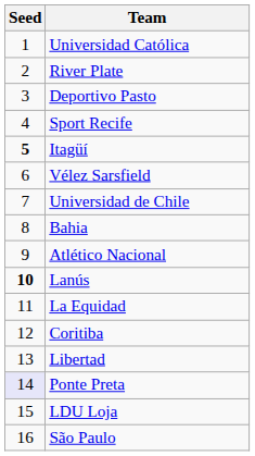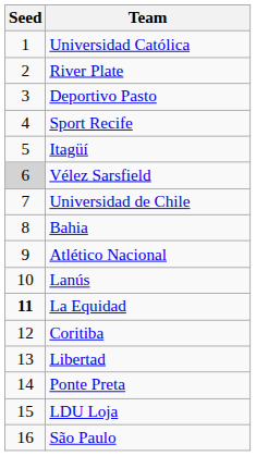 <table class="wikitable">
 <tr>
 <th>Seed</th>
 <th width=190>Team</th>
 </tr>
 <tr>
 <td align=center>1</td>
 <td> <a href='#'>Universidad Católica</a></td>
 </tr>
 <tr>
 <td align=center>2</td>
 <td> <a href='#'>River Plate</a></td>
 </tr>
 <tr>
 <td align=center>3</td>
 <td> <a href='#'>Deportivo Pasto</a></td>
 </tr>
 <tr>
 <td align=center>4</td>
 <td> <a href='#'>Sport Recife</a></td>
 </tr>
 <tr>
-<td align=center><strong>5</strong></td>
+<td align=center>5</td>
 <td> <a href='#'>Itagüí</a></td>
 </tr>
 <tr>
-<td align=center>6</td>
+<td align=center style="background: lightgrey;">6</td>
 <td> <a href='#'>Vélez Sarsfield</a></td>
 </tr>
 <tr>
 <td align=center>7</td>
 <td> <a href='#'>Universidad de Chile</a></td>
 </tr>
 <tr>
 <td align=center>8</td>
 <td> <a href='#'>Bahia</a></td>
 </tr>
 <tr>
 <td align=center>9</td>
 <td> <a href='#'>Atlético Nacional</a></td>
 </tr>
 <tr>
-<td align=center><strong>10</strong></td>
+<td align=center>10</td>
 <td> <a href='#'>Lanús</a></td>
 </tr>
 <tr>
-<td align=center>11</td>
+<td align=center><strong>11</strong></td>
 <td> <a href='#'>La Equidad</a></td>
 </tr>
 <tr>
 <td align=center>12</td>
 <td> <a href='#'>Coritiba</a></td>
 </tr>
 <tr>
 <td align=center>13</td>
 <td> <a href='#'>Libertad</a></td>
 </tr>
 <tr>
-<td align=center style="background: lavender;">14</td>
+<td align=center>14</td>
 <td> <a href='#'>Ponte Preta</a></td>
 </tr>
 <tr>
 <td align=center>15</td>
 <td> <a href='#'>LDU Loja</a></td>
 </tr>
 <tr>
 <td align=center>16</td>
 <td> <a href='#'>São Paulo</a></td>
 </tr>
 </table>
